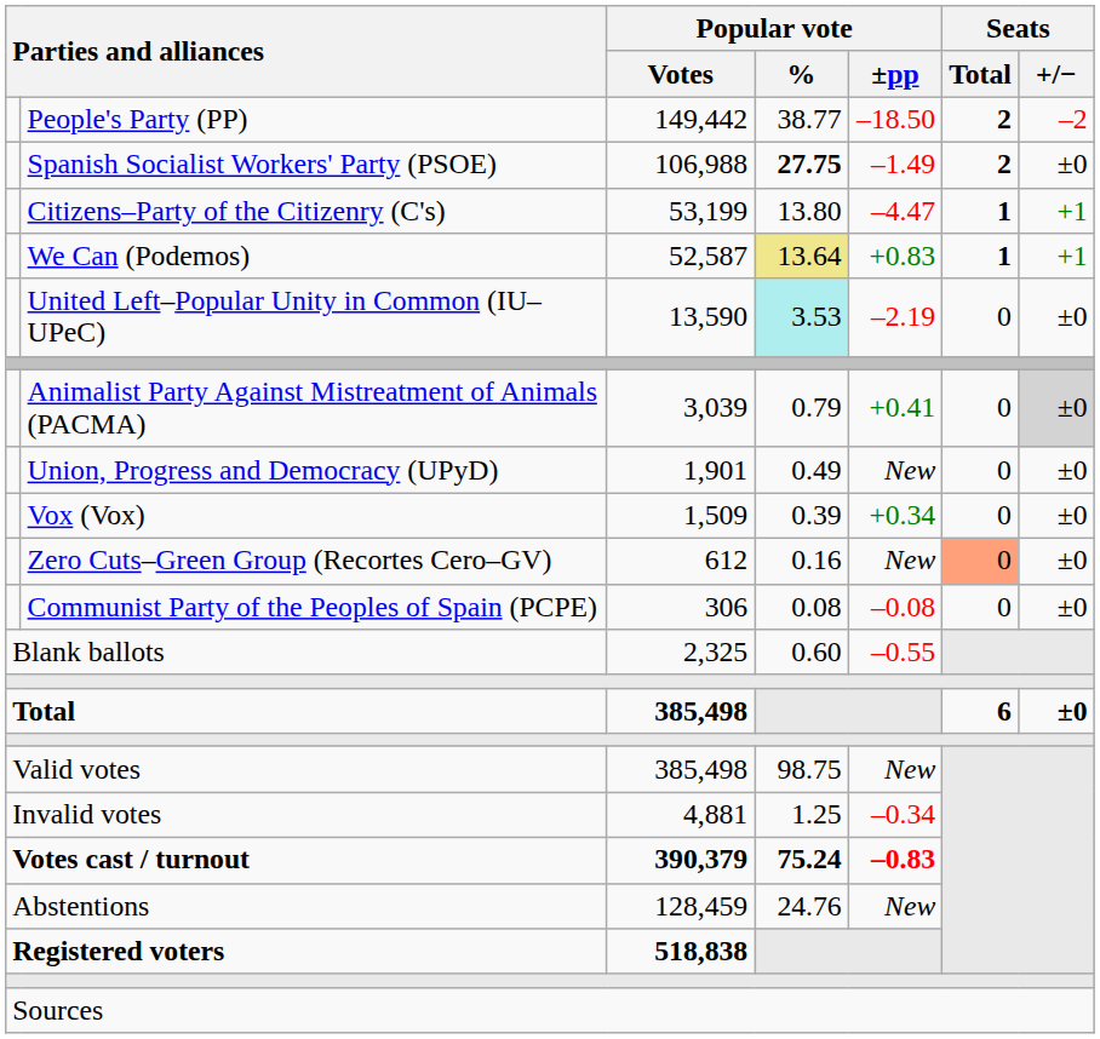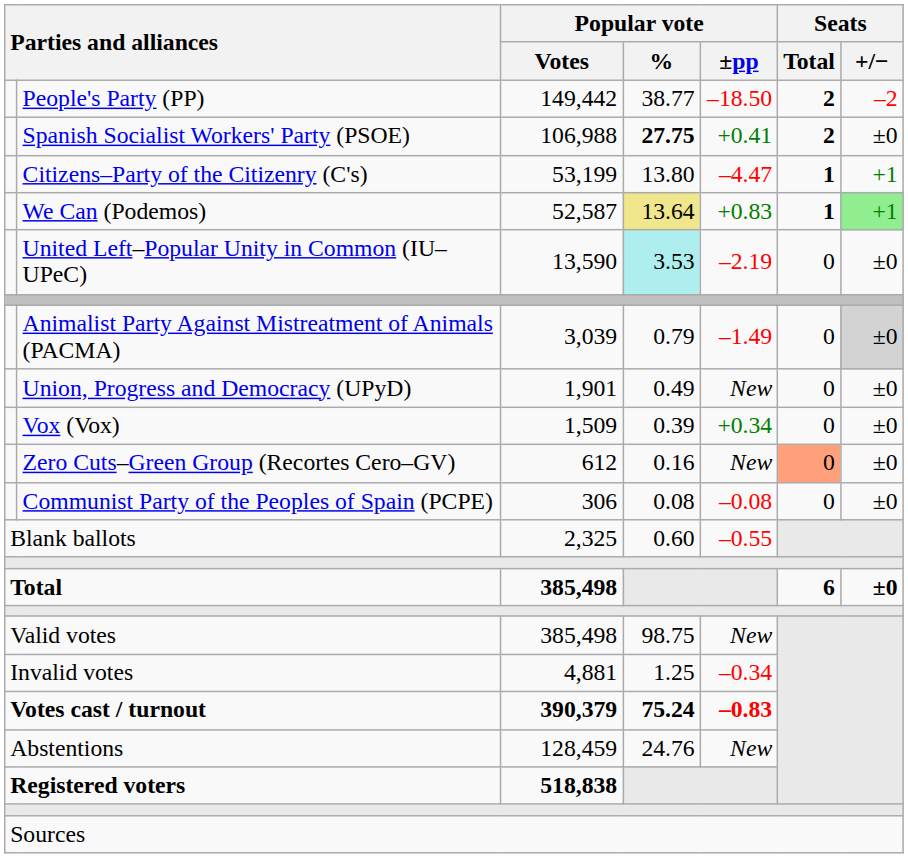 <table class="wikitable" style="text-align:right;">
 <tr>
 <th style="text-align:left;" rowspan="2" colspan="2" width="525">Parties and alliances</th>
 <th colspan="3">Popular vote</th>
 <th colspan="2">Seats</th>
 </tr>
 <tr>
 <th width="75">Votes</th>
 <th width="45">%</th>
 <th width="45">±<a href='#'>pp</a></th>
 <th width="35">Total</th>
 <th width="35">+/−</th>
 </tr>
 <tr>
 <td width="1" style="color:inherit;background:"></td>
 <td align="left"><a href='#'>People's Party</a> (PP)</td>
 <td>149,442</td>
 <td>38.77</td>
 <td style="color:red;">–18.50</td>
 <td><strong>2</strong></td>
 <td style="color:red;">–2</td>
 </tr>
 <tr>
 <td style="color:inherit;background:"></td>
 <td align="left"><a href='#'>Spanish Socialist Workers' Party</a> (PSOE)</td>
 <td>106,988</td>
 <td><strong>27.75</strong></td>
-<td style="color:red;">–1.49</td>
+<td style="color:green;">+0.41</td>
 <td><strong>2</strong></td>
 <td>±0</td>
 </tr>
 <tr>
 <td style="color:inherit;background:"></td>
 <td align="left"><a href='#'>Citizens–Party of the Citizenry</a> (C's)</td>
 <td>53,199</td>
 <td>13.80</td>
 <td style="color:red;">–4.47</td>
 <td><strong>1</strong></td>
 <td style="color:green;">+1</td>
 </tr>
 <tr>
 <td style="color:inherit;background:"></td>
 <td align="left"><a href='#'>We Can</a> (Podemos)</td>
 <td>52,587</td>
 <td style="background: khaki;">13.64</td>
 <td style="color:green;">+0.83</td>
 <td><strong>1</strong></td>
-<td style="color:green;">+1</td>
+<td style="background: lightgreen; color:green;">+1</td>
 </tr>
 <tr>
 <td style="color:inherit;background:"></td>
 <td align="left"><a href='#'>United Left</a>–<a href='#'>Popular Unity in Common</a> (IU–UPeC)</td>
 <td>13,590</td>
 <td style="background: paleturquoise;">3.53</td>
 <td style="color:red;">–2.19</td>
 <td>0</td>
 <td>±0</td>
 </tr>
 <tr>
 <td colspan="7" bgcolor="#C0C0C0"></td>
 </tr>
 <tr>
 <td style="color:inherit;background:"></td>
 <td align="left"><a href='#'>Animalist Party Against Mistreatment of Animals</a> (PACMA)</td>
 <td>3,039</td>
 <td>0.79</td>
-<td style="color:green;">+0.41</td>
+<td style="color:red;">–1.49</td>
 <td>0</td>
 <td style="background: lightgrey;">±0</td>
 </tr>
 <tr>
 <td style="color:inherit;background:"></td>
 <td align="left"><a href='#'>Union, Progress and Democracy</a> (UPyD)</td>
 <td>1,901</td>
 <td>0.49</td>
 <td><em>New</em></td>
 <td>0</td>
 <td>±0</td>
 </tr>
 <tr>
 <td style="color:inherit;background:"></td>
 <td align="left"><a href='#'>Vox</a> (Vox)</td>
 <td>1,509</td>
 <td>0.39</td>
 <td style="color:green;">+0.34</td>
 <td>0</td>
 <td>±0</td>
 </tr>
 <tr>
 <td style="color:inherit;background:"></td>
 <td align="left"><a href='#'>Zero Cuts</a>–<a href='#'>Green Group</a> (Recortes Cero–GV)</td>
 <td>612</td>
 <td>0.16</td>
 <td><em>New</em></td>
 <td style="background: lightsalmon;">0</td>
 <td>±0</td>
 </tr>
 <tr>
 <td style="color:inherit;background:"></td>
 <td align="left"><a href='#'>Communist Party of the Peoples of Spain</a> (PCPE)</td>
 <td>306</td>
 <td>0.08</td>
 <td style="color:red;">–0.08</td>
 <td>0</td>
 <td>±0</td>
 </tr>
 <tr>
 <td align="left" colspan="2">Blank ballots</td>
 <td>2,325</td>
 <td>0.60</td>
 <td style="color:red;">–0.55</td>
 <td bgcolor="#E9E9E9" colspan="2"></td>
 </tr>
 <tr>
 <td colspan="7" bgcolor="#E9E9E9"></td>
 </tr>
 <tr style="font-weight:bold;">
 <td align="left" colspan="2">Total</td>
 <td>385,498</td>
 <td bgcolor="#E9E9E9" colspan="2"></td>
 <td>6</td>
 <td>±0</td>
 </tr>
 <tr>
 <td colspan="7" bgcolor="#E9E9E9"></td>
 </tr>
 <tr>
 <td align="left" colspan="2">Valid votes</td>
 <td>385,498</td>
 <td>98.75</td>
 <td><em>New</em></td>
 <td bgcolor="#E9E9E9" colspan="2" rowspan="5"></td>
 </tr>
 <tr>
 <td align="left" colspan="2">Invalid votes</td>
 <td>4,881</td>
 <td>1.25</td>
 <td style="color:red;">–0.34</td>
 </tr>
 <tr style="font-weight:bold;">
 <td align="left" colspan="2">Votes cast / turnout</td>
 <td>390,379</td>
 <td>75.24</td>
 <td style="color:red;">–0.83</td>
 </tr>
 <tr>
 <td align="left" colspan="2">Abstentions</td>
 <td>128,459</td>
 <td>24.76</td>
 <td><em>New</em></td>
 </tr>
 <tr style="font-weight:bold;">
 <td align="left" colspan="2">Registered voters</td>
 <td>518,838</td>
 <td bgcolor="#E9E9E9" colspan="2"></td>
 </tr>
 <tr>
 <td colspan="7" bgcolor="#E9E9E9"></td>
 </tr>
 <tr>
 <td align="left" colspan="7">Sources</td>
 </tr>
 </table>
